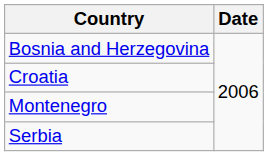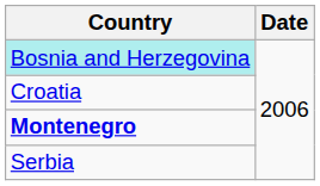 <table class="wikitable">
 <tr>
 <th>Country</th>
 <th>Date</th>
 </tr>
 <tr>
-<td><a href='#'>Bosnia and Herzegovina</a></td>
+<td style="background: paleturquoise;"><a href='#'>Bosnia and Herzegovina</a></td>
 <td rowspan="4">2006</td>
 </tr>
 <tr>
 <td><a href='#'>Croatia</a></td>
 </tr>
 <tr>
-<td><a href='#'>Montenegro</a></td>
+<td><strong><a href='#'>Montenegro</a></strong></td>
 </tr>
 <tr>
 <td><a href='#'>Serbia</a></td>
 </tr>
 </table>
